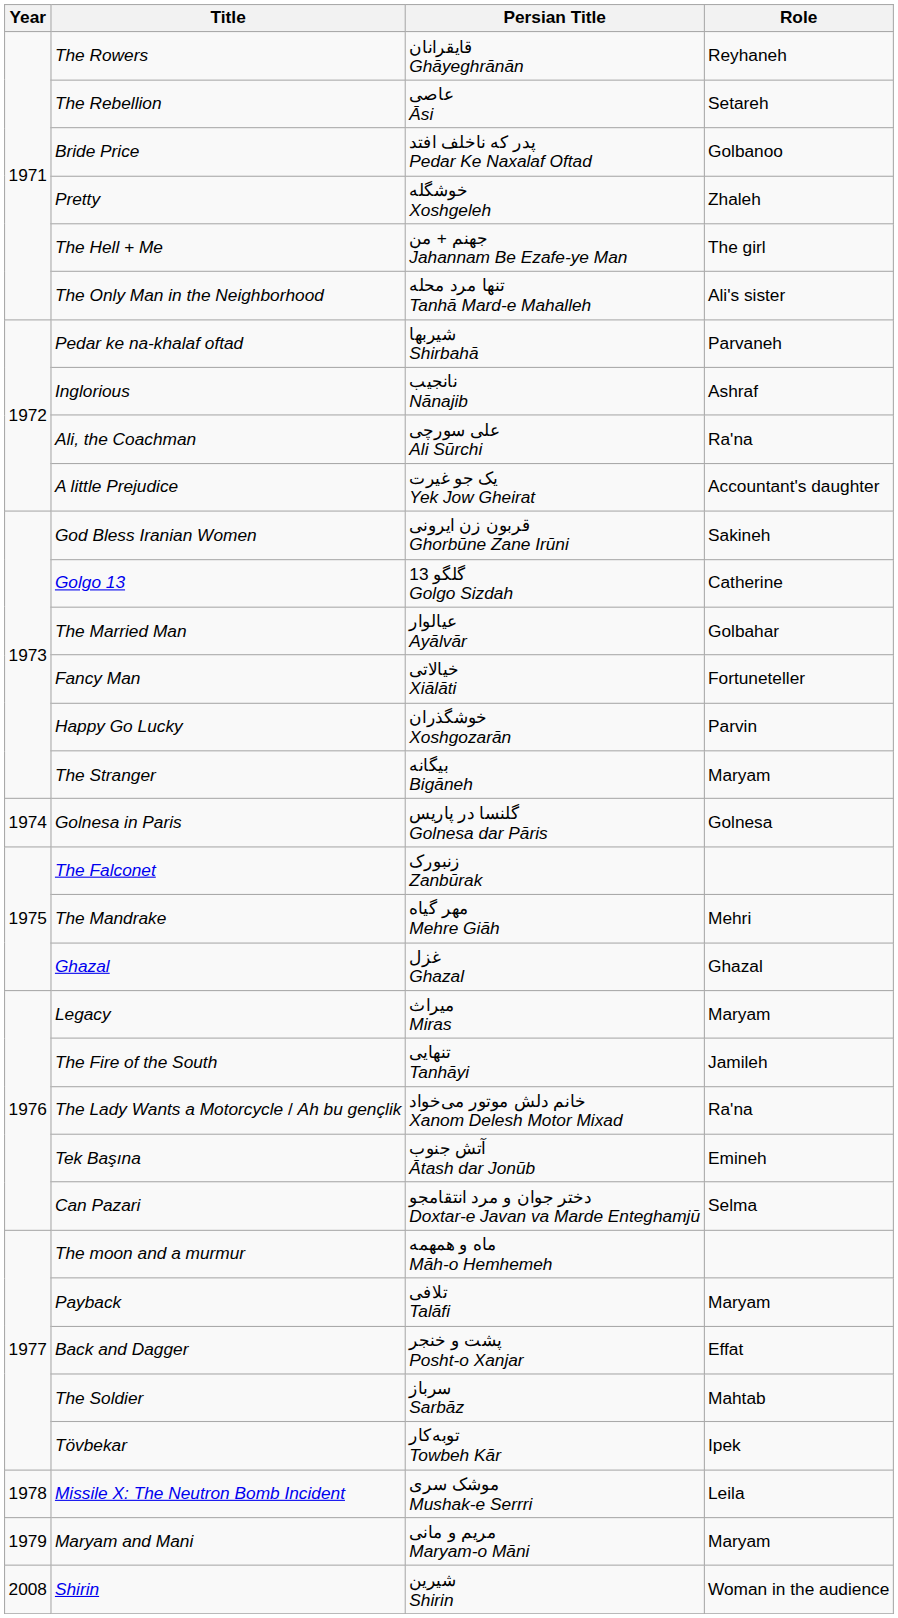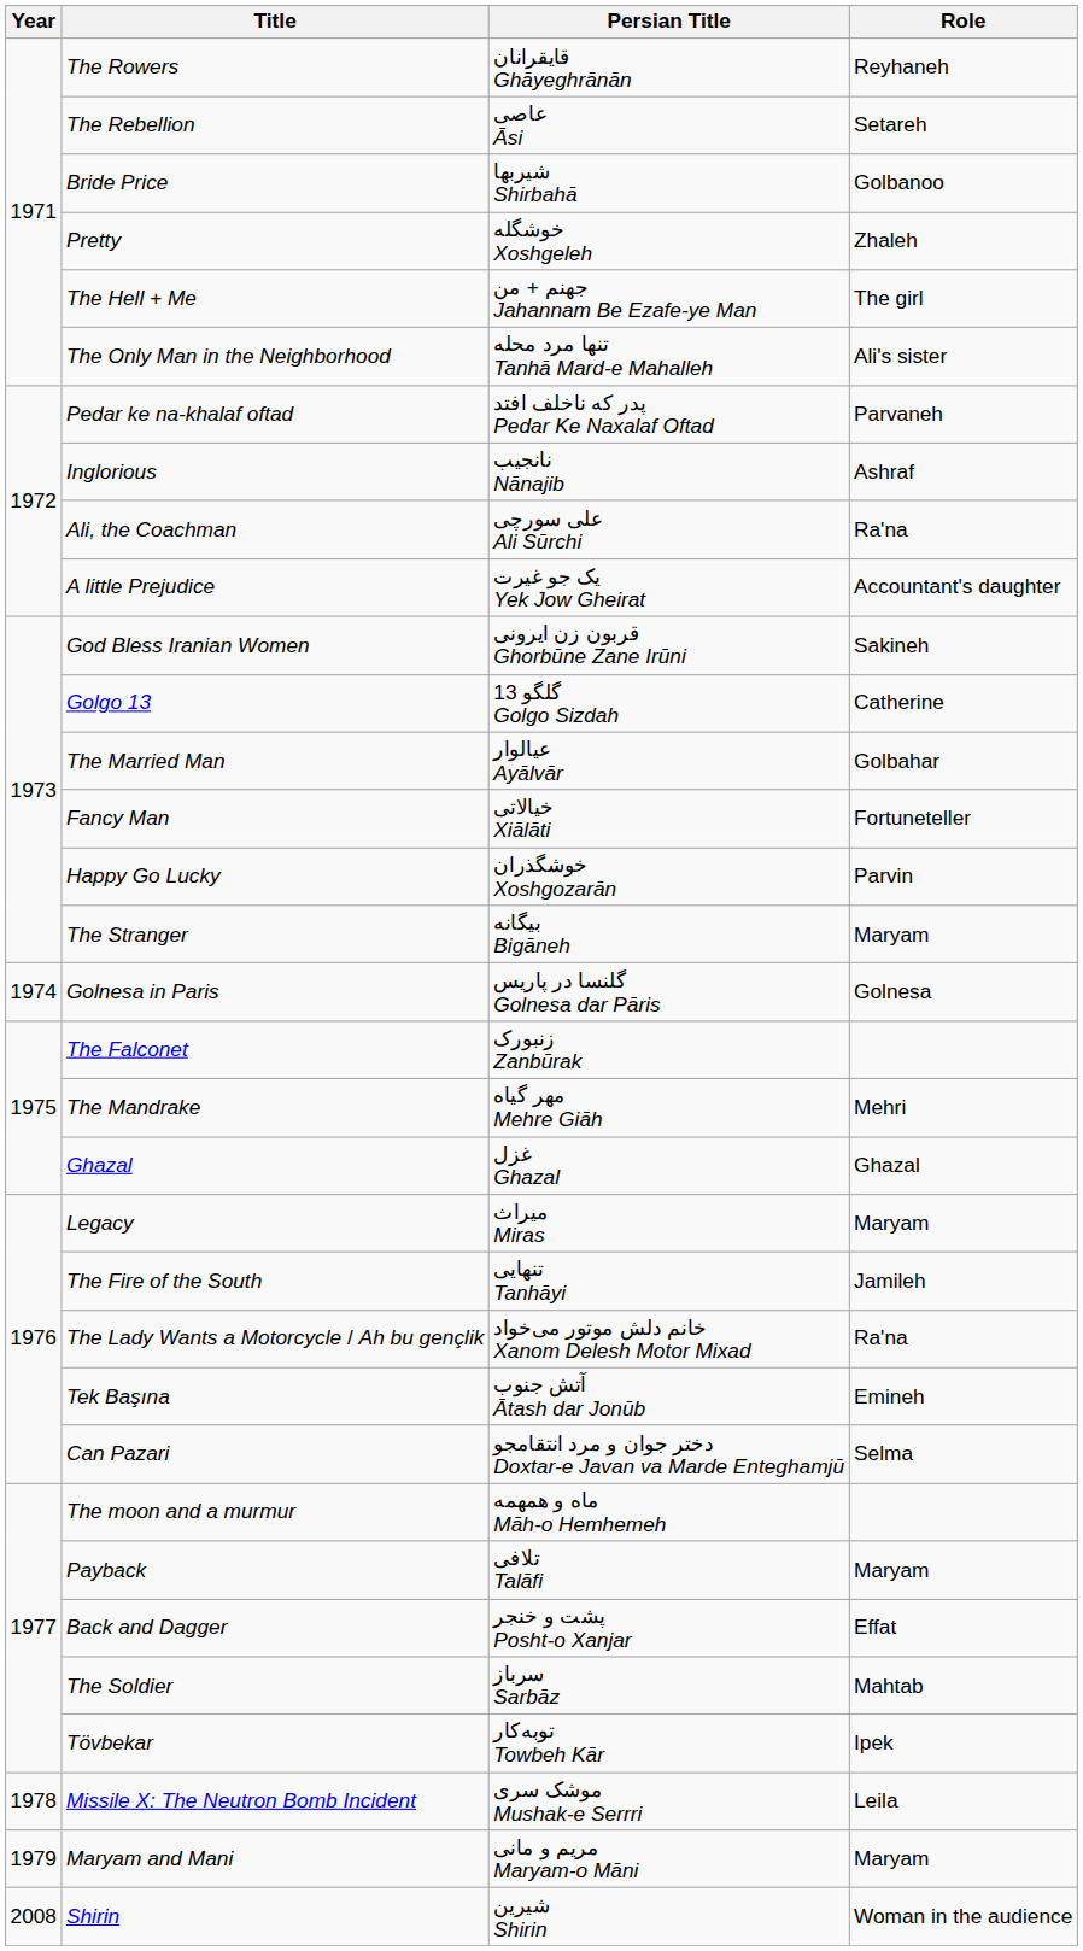 <table class="wikitable">
 <tr>
 <th>Year</th>
 <th>Title</th>
 <th>Persian Title</th>
 <th>Role</th>
 </tr>
 <tr>
 <td rowspan="6">1971</td>
 <td><em>The Rowers </em></td>
 <td>قایقرانان <br> <em>Ghāyeghrānān</em></td>
 <td>Reyhaneh</td>
 </tr>
 <tr>
 <td><em>The Rebellion</em></td>
 <td>عاصی<br> <em>Āsi</em></td>
 <td>Setareh</td>
 </tr>
 <tr>
 <td><em>Bride Price</em></td>
-<td>پدر که ناخلف افتد <br> <em>Pedar Ke Naxalaf Oftad</em></td>
+<td>شیربها <br> <em>Shirbahā</em></td>
 <td>Golbanoo</td>
 </tr>
 <tr>
 <td><em>Pretty</em></td>
 <td>خوشگله<br> <em>Xoshgeleh</em></td>
 <td>Zhaleh</td>
 </tr>
 <tr>
 <td><em>The Hell + Me</em></td>
 <td>جهنم + من <br> <em>Jahannam Be Ezafe-ye Man</em></td>
 <td>The girl</td>
 </tr>
 <tr>
 <td><em>The Only Man in the Neighborhood</em></td>
 <td>تنها مرد محله<br> <em>Tanhā Mard-e Mahalleh</em></td>
 <td>Ali's sister</td>
 </tr>
 <tr>
 <td rowspan="4">1972</td>
 <td><em>Pedar ke na-khalaf oftad</em></td>
-<td>شیربها <br> <em>Shirbahā</em></td>
+<td>پدر که ناخلف افتد <br> <em>Pedar Ke Naxalaf Oftad</em></td>
 <td>Parvaneh</td>
 </tr>
 <tr>
 <td><em>Inglorious</em></td>
 <td>نانجیب <br> <em>Nānajib</em></td>
 <td>Ashraf</td>
 </tr>
 <tr>
 <td><em>Ali, the Coachman</em></td>
 <td>علی سورچی <br> <em>Ali Sūrchi</em></td>
 <td>Ra'na</td>
 </tr>
 <tr>
 <td><em>A little Prejudice</em></td>
 <td>یک جو غیرت <br> <em>Yek Jow Gheirat</em></td>
 <td>Accountant's daughter</td>
 </tr>
 <tr>
 <td rowspan="6">1973</td>
 <td><em>God Bless Iranian Women</em></td>
 <td>قربون زن ایرونی<br> <em>Ghorbūne Zane Irūni</em></td>
 <td>Sakineh</td>
 </tr>
 <tr>
 <td><em><a href='#'>Golgo 13</a></em></td>
 <td>گلگو 13 <br> <em>Golgo Sizdah</em></td>
 <td>Catherine</td>
 </tr>
 <tr>
 <td><em>The Married Man</em></td>
 <td>عیالوار <br> <em>Ayālvār</em></td>
 <td>Golbahar</td>
 </tr>
 <tr>
 <td><em>Fancy Man</em></td>
 <td>خیالاتی <br> <em>Xiālāti</em></td>
 <td>Fortuneteller</td>
 </tr>
 <tr>
 <td><em>Happy Go Lucky</em></td>
 <td>خوشگذران <br> <em>Xoshgozarān</em></td>
 <td>Parvin</td>
 </tr>
 <tr>
 <td><em>The Stranger</em></td>
 <td>بیگانه <br> <em>Bigāneh</em></td>
 <td>Maryam</td>
 </tr>
 <tr>
 <td>1974</td>
 <td><em>Golnesa in Paris</em></td>
 <td>گلنسا در پاریس <br> <em>Golnesa dar Pāris</em></td>
 <td>Golnesa</td>
 </tr>
 <tr>
 <td rowspan="3">1975</td>
 <td><em><a href='#'>The Falconet</a></em></td>
 <td>زنبورک <br><em>Zanbūrak</em></td>
 <td></td>
 </tr>
 <tr>
 <td><em>The Mandrake</em></td>
 <td>مهر گیاه <br> <em>Mehre Giāh</em></td>
 <td>Mehri</td>
 </tr>
 <tr>
 <td><em><a href='#'>Ghazal</a></em></td>
 <td>غزل <br> <em>Ghazal</em></td>
 <td>Ghazal</td>
 </tr>
 <tr>
 <td rowspan="5">1976</td>
 <td><em>Legacy</em></td>
 <td>میراث <br> <em>Miras</em></td>
 <td>Maryam</td>
 </tr>
 <tr>
 <td><em>The Fire of the South</em></td>
 <td>تنهایی <br> <em>Tanhāyi</em></td>
 <td>Jamileh</td>
 </tr>
 <tr>
 <td><em>The Lady Wants a Motorcycle</em> / <em>Ah bu gençlik</em></td>
 <td>خانم دلش موتور می‌خواد <br> <em>Xanom Delesh Motor Mixad</em></td>
 <td>Ra'na</td>
 </tr>
 <tr>
 <td><em>Tek Başına</em></td>
 <td>آتش جنوب <br> <em>Ātash dar Jonūb</em></td>
 <td>Emineh</td>
 </tr>
 <tr>
 <td><em>Can Pazari</em></td>
 <td>دختر جوان و مرد انتقامجو <br> <em>Doxtar-e Javan va Marde Enteghamjū</em></td>
 <td>Selma</td>
 </tr>
 <tr>
 <td rowspan="5">1977</td>
 <td><em>The moon and a murmur</em></td>
 <td>ماه و همهمه <br> <em>Māh-o Hemhemeh</em></td>
 <td></td>
 </tr>
 <tr>
 <td><em>Payback</em></td>
 <td>تلافی <br> <em>Talāfi</em></td>
 <td>Maryam</td>
 </tr>
 <tr>
 <td><em>Back and Dagger</em></td>
 <td>پشت و خنجر <br> <em>Posht-o Xanjar</em></td>
 <td>Effat</td>
 </tr>
 <tr>
 <td><em>The Soldier</em></td>
 <td>سرباز <br> <em>Sarbāz</em></td>
 <td>Mahtab</td>
 </tr>
 <tr>
 <td><em>Tövbekar</em></td>
 <td>توبه‌کار <br> <em>Towbeh Kār</em></td>
 <td>Ipek</td>
 </tr>
 <tr>
 <td>1978</td>
 <td><em><a href='#'>Missile X: The Neutron Bomb Incident</a></em></td>
 <td>موشک سری <br> <em>Mushak-e Serrri</em></td>
 <td>Leila</td>
 </tr>
 <tr>
 <td>1979</td>
 <td><em>Maryam and Mani</em></td>
 <td>مریم و مانی <br><em>Maryam-o Māni</em></td>
 <td>Maryam</td>
 </tr>
 <tr>
 <td>2008</td>
 <td><em><a href='#'>Shirin</a></em></td>
 <td>شیرین <br> <em>Shirin</em></td>
 <td>Woman in the audience</td>
 </tr>
 </table>
